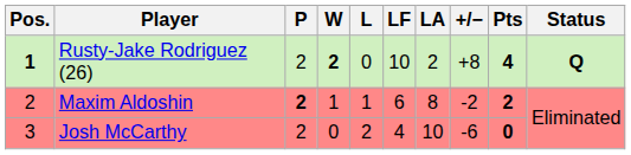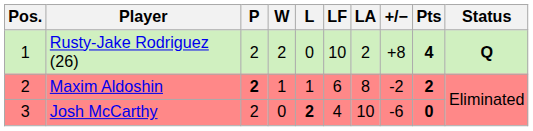 <table class="wikitable" style="text-align:center; margin: 1em auto 1em auto, align:left">
 <tr>
 <th width=20>Pos.</th>
 <th width=185>Player</th>
 <th width=20>P</th>
 <th width=20>W</th>
 <th width=20>L</th>
 <th width=20>LF</th>
 <th width=20>LA</th>
 <th width=25>+/−</th>
 <th width=20>Pts</th>
 <th width=70>Status</th>
 </tr>
 <tr style="background:#D0F0C0;">
-<td><strong>1</strong></td>
+<td>1</td>
 <td align=left> <a href='#'>Rusty-Jake Rodriguez</a> (26)</td>
 <td>2</td>
-<td><strong>2</strong></td>
+<td>2</td>
 <td>0</td>
 <td>10</td>
 <td>2</td>
 <td>+8</td>
 <td><strong>4</strong></td>
 <td rowspan=1><strong>Q</strong></td>
 </tr>
 <tr style="background:#FF8888;">
 <td>2</td>
 <td align=left> <a href='#'>Maxim Aldoshin</a></td>
 <td><strong>2</strong></td>
 <td>1</td>
 <td>1</td>
 <td>6</td>
 <td>8</td>
 <td>-2</td>
 <td><strong>2</strong></td>
 <td rowspan=2>Eliminated</td>
 </tr>
 <tr style="background:#FF8888;">
 <td>3</td>
 <td align=left> <a href='#'>Josh McCarthy</a></td>
 <td>2</td>
 <td>0</td>
-<td>2</td>
+<td><strong>2</strong></td>
 <td>4</td>
 <td>10</td>
 <td>-6</td>
 <td><strong>0</strong></td>
 </tr>
 </table>
